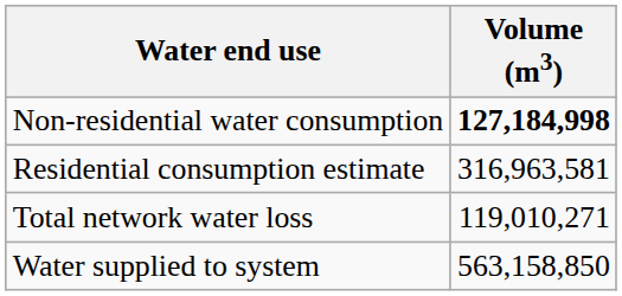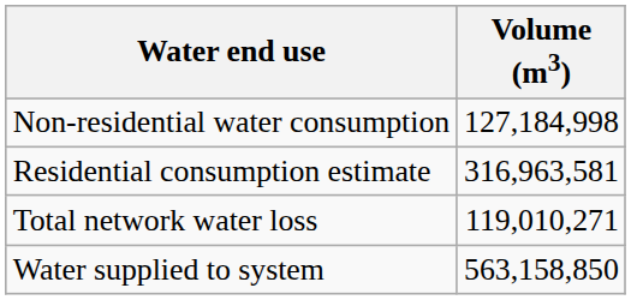 <table class="wikitable">
 <tr>
 <th>Water end use</th>
 <th>Volume<br> (m<sup>3</sup>)</th>
 </tr>
 <tr>
 <td>Non-residential water consumption</td>
-<td align="right"><strong>127,184,998</strong></td>
+<td align="right">127,184,998</td>
 </tr>
 <tr>
 <td>Residential consumption estimate</td>
 <td align="right">316,963,581</td>
 </tr>
 <tr>
 <td>Total network water loss</td>
 <td align="right">119,010,271</td>
 </tr>
 <tr>
 <td>Water supplied to system</td>
 <td align="right">563,158,850</td>
 </tr>
 </table>
